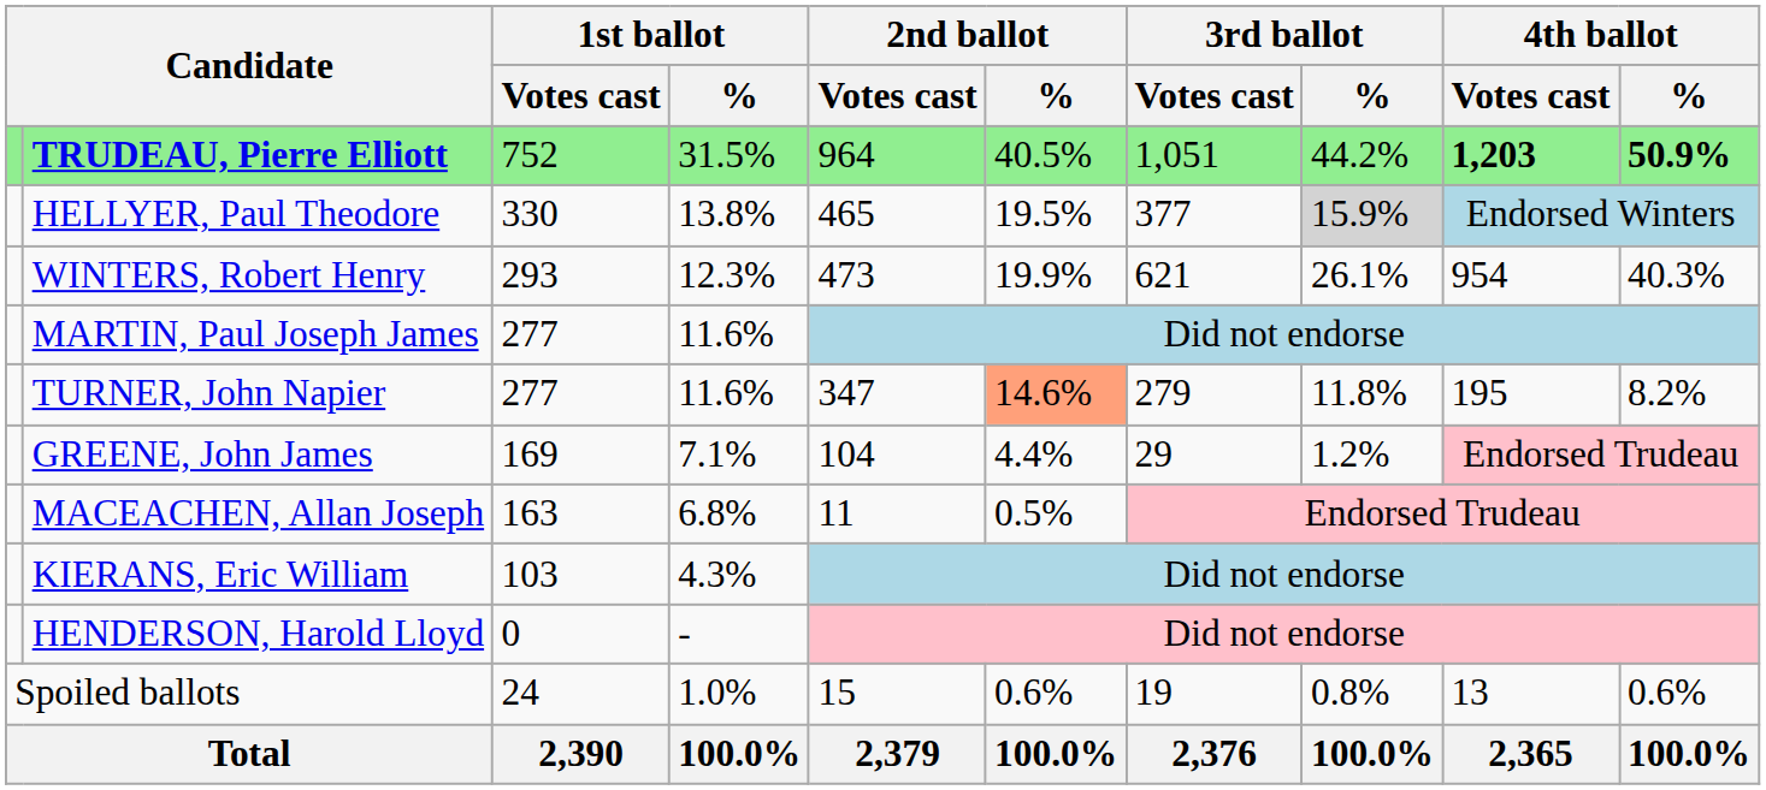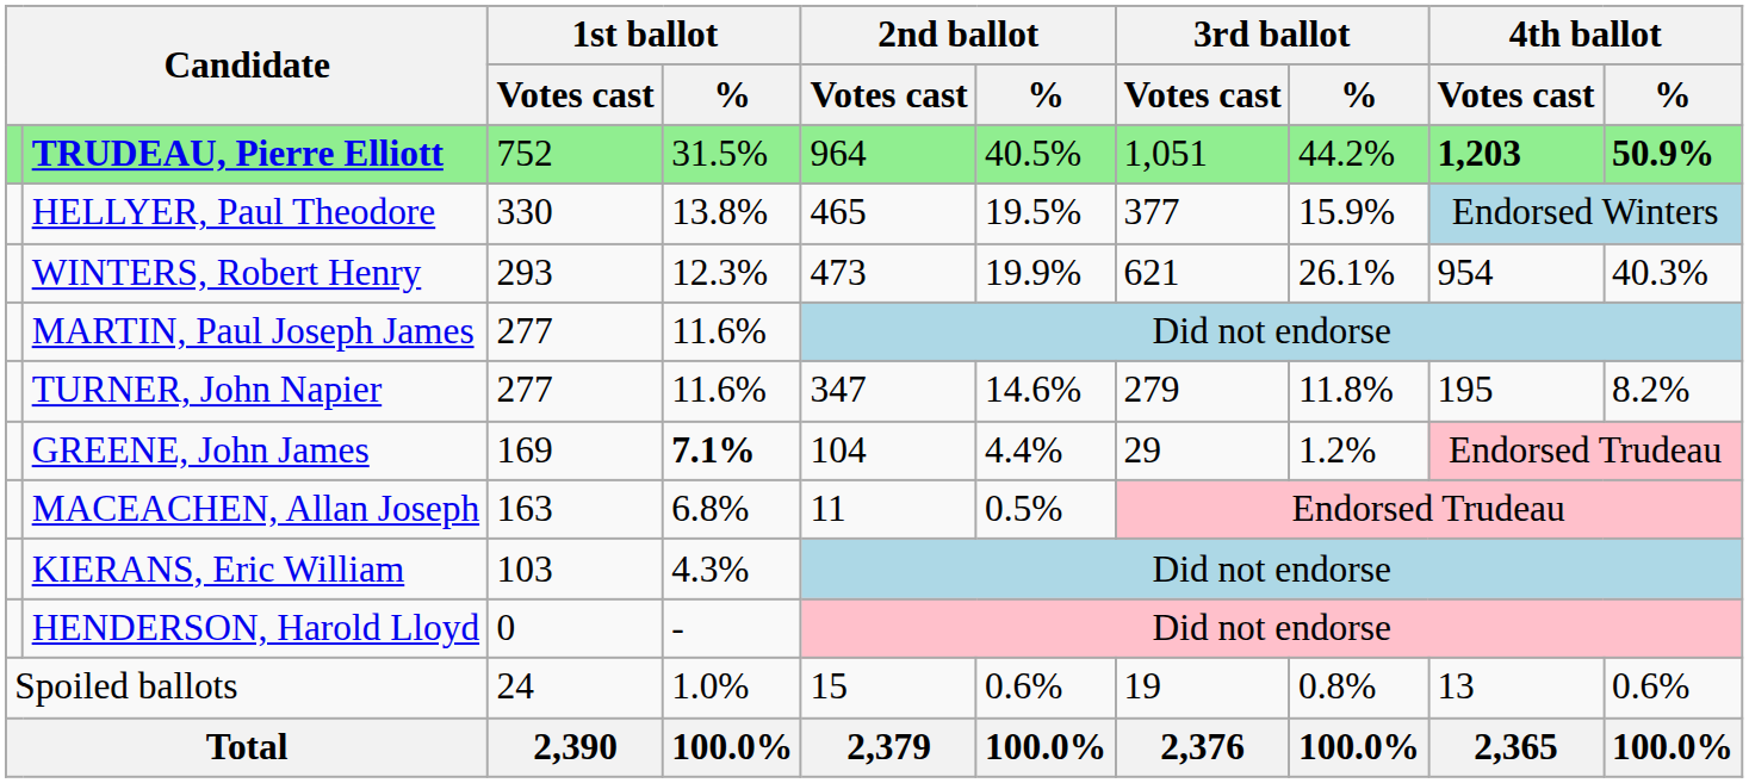 <table class="wikitable">
 <tr>
 <th rowspan="2" colspan="2">Candidate</th>
 <th colspan="2">1st ballot</th>
 <th colspan="2">2nd ballot</th>
 <th colspan="2">3rd ballot</th>
 <th colspan="2">4th ballot</th>
 </tr>
 <tr>
 <th>Votes cast</th>
 <th>%</th>
 <th>Votes cast</th>
 <th>%</th>
 <th>Votes cast</th>
 <th>%</th>
 <th>Votes cast</th>
 <th>%</th>
 </tr>
 <tr style="background:lightgreen;">
 <td></td>
 <td><strong><a href='#'>TRUDEAU, Pierre Elliott</a></strong></td>
 <td>752</td>
 <td>31.5%</td>
 <td>964</td>
 <td>40.5%</td>
 <td>1,051</td>
 <td>44.2%</td>
 <td><strong>1,203</strong></td>
 <td><strong>50.9%</strong></td>
 </tr>
 <tr>
 <td></td>
 <td><a href='#'>HELLYER, Paul Theodore</a></td>
 <td>330</td>
 <td>13.8%</td>
 <td>465</td>
 <td>19.5%</td>
 <td>377</td>
-<td style="background: lightgrey;">15.9%</td>
+<td>15.9%</td>
 <td style="text-align:center; background:lightblue;" colspan="2">Endorsed Winters</td>
 </tr>
 <tr>
 <td></td>
 <td><a href='#'>WINTERS, Robert Henry</a></td>
 <td>293</td>
 <td>12.3%</td>
 <td>473</td>
 <td>19.9%</td>
 <td>621</td>
 <td>26.1%</td>
 <td>954</td>
 <td>40.3%</td>
 </tr>
 <tr>
 <td></td>
 <td><a href='#'>MARTIN, Paul Joseph James</a></td>
 <td>277</td>
 <td>11.6%</td>
 <td style="text-align:center; background:lightblue;" colspan="6">Did not endorse</td>
 </tr>
 <tr>
 <td></td>
 <td><a href='#'>TURNER, John Napier</a></td>
 <td>277</td>
 <td>11.6%</td>
 <td>347</td>
-<td style="background: lightsalmon;">14.6%</td>
+<td>14.6%</td>
 <td>279</td>
 <td>11.8%</td>
 <td>195</td>
 <td>8.2%</td>
 </tr>
 <tr>
 <td></td>
 <td><a href='#'>GREENE, John James</a></td>
 <td>169</td>
-<td>7.1%</td>
+<td><strong>7.1%</strong></td>
 <td>104</td>
 <td>4.4%</td>
 <td>29</td>
 <td>1.2%</td>
 <td style="text-align:center; background:pink;" colspan="2">Endorsed Trudeau</td>
 </tr>
 <tr>
 <td></td>
 <td><a href='#'>MACEACHEN, Allan Joseph</a></td>
 <td>163</td>
 <td>6.8%</td>
 <td>11</td>
 <td>0.5%</td>
 <td style="text-align:center; background:pink;" colspan="4">Endorsed Trudeau</td>
 </tr>
 <tr>
 <td></td>
 <td><a href='#'>KIERANS, Eric William</a></td>
 <td>103</td>
 <td>4.3%</td>
 <td style="text-align:center; background:lightblue;" colspan="6">Did not endorse</td>
 </tr>
 <tr>
 <td></td>
 <td><a href='#'>HENDERSON, Harold Lloyd</a></td>
 <td>0</td>
 <td>-</td>
 <td style="text-align:center; background:pink;" colspan="6">Did not endorse</td>
 </tr>
 <tr>
 <td colspan="2">Spoiled ballots</td>
 <td>24</td>
 <td>1.0%</td>
 <td>15</td>
 <td>0.6%</td>
 <td>19</td>
 <td>0.8%</td>
 <td>13</td>
 <td>0.6%</td>
 </tr>
 <tr>
 <th colspan="2">Total</th>
 <th>2,390</th>
 <th>100.0%</th>
 <th>2,379</th>
 <th>100.0%</th>
 <th>2,376</th>
 <th>100.0%</th>
 <th>2,365</th>
 <th>100.0%</th>
 </tr>
 </table>
